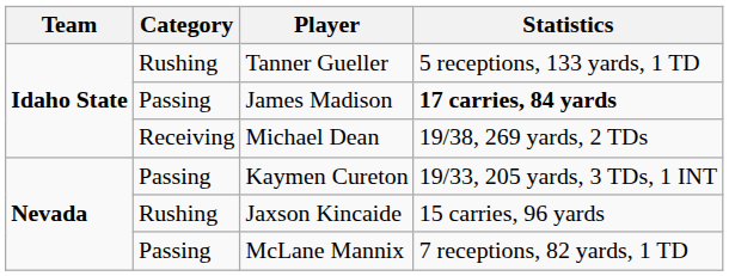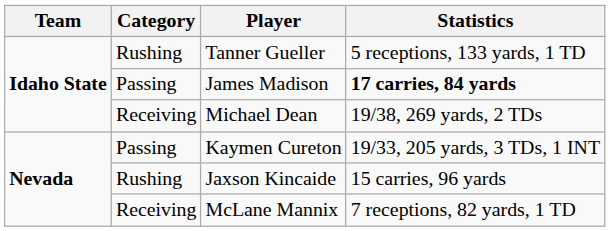 <table class="wikitable" style="float: left;">
 <tr>
 <th>Team</th>
 <th>Category</th>
 <th>Player</th>
 <th>Statistics</th>
 </tr>
 <tr>
 <td rowspan=3><strong>Idaho State</strong></td>
 <td>Rushing</td>
 <td>Tanner Gueller</td>
 <td>5 receptions, 133 yards, 1 TD</td>
 </tr>
 <tr>
 <td>Passing</td>
 <td>James Madison</td>
 <td><strong>17 carries, 84 yards</strong></td>
 </tr>
 <tr>
 <td>Receiving</td>
 <td>Michael Dean</td>
 <td>19/38, 269 yards, 2 TDs</td>
 </tr>
 <tr>
 <td rowspan=3><strong>Nevada</strong></td>
 <td>Passing</td>
 <td>Kaymen Cureton</td>
 <td>19/33, 205 yards, 3 TDs, 1 INT</td>
 </tr>
 <tr>
 <td>Rushing</td>
 <td>Jaxson Kincaide</td>
 <td>15 carries, 96 yards</td>
 </tr>
 <tr>
-<td>Passing</td>
+<td>Receiving</td>
 <td>McLane Mannix</td>
 <td>7 receptions, 82 yards, 1 TD</td>
 </tr>
 </table>
